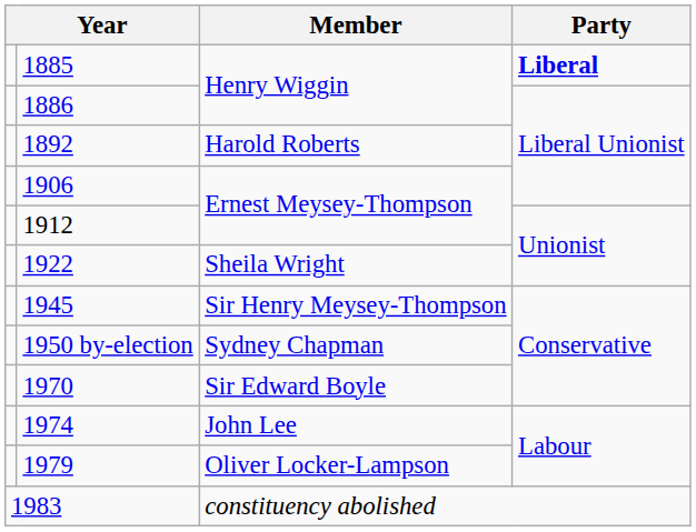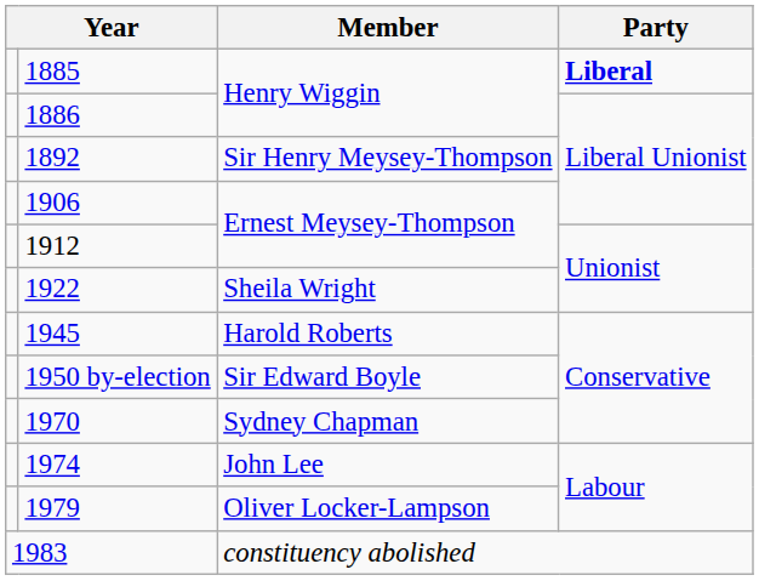 <table class="wikitable">
 <tr>
 <th colspan="2">Year</th>
 <th>Member</th>
 <th>Party</th>
 </tr>
 <tr>
 <td style="color:inherit;background-color: "></td>
 <td><a href='#'>1885</a></td>
 <td rowspan="2"><a href='#'>Henry Wiggin</a></td>
 <td><strong><a href='#'>Liberal</a></strong></td>
 </tr>
 <tr>
 <td style="color:inherit;background-color: "></td>
 <td><a href='#'>1886</a></td>
 <td rowspan="3"><a href='#'>Liberal Unionist</a></td>
 </tr>
 <tr>
 <td style="color:inherit;background-color: "></td>
 <td><a href='#'>1892</a></td>
-<td><a href='#'>Harold Roberts</a></td>
+<td><a href='#'>Sir Henry Meysey-Thompson</a></td>
 </tr>
 <tr>
 <td style="color:inherit;background-color: "></td>
 <td><a href='#'>1906</a></td>
 <td rowspan="2"><a href='#'>Ernest Meysey-Thompson</a></td>
 </tr>
 <tr>
 <td style="color:inherit;background-color: "></td>
 <td>1912</td>
 <td rowspan="2"><a href='#'>Unionist</a></td>
 </tr>
 <tr>
 <td style="color:inherit;background-color: "></td>
 <td><a href='#'>1922</a></td>
 <td><a href='#'>Sheila Wright</a></td>
 </tr>
 <tr>
 <td style="color:inherit;background-color: "></td>
 <td><a href='#'>1945</a></td>
-<td><a href='#'>Sir Henry Meysey-Thompson</a></td>
+<td><a href='#'>Harold Roberts</a></td>
 <td rowspan="3"><a href='#'>Conservative</a></td>
 </tr>
 <tr>
 <td style="color:inherit;background-color: "></td>
 <td><a href='#'>1950 by-election</a></td>
-<td><a href='#'>Sydney Chapman</a></td>
+<td><a href='#'>Sir Edward Boyle</a></td>
 </tr>
 <tr>
 <td style="color:inherit;background-color: "></td>
 <td><a href='#'>1970</a></td>
-<td><a href='#'>Sir Edward Boyle</a></td>
+<td><a href='#'>Sydney Chapman</a></td>
 </tr>
 <tr>
 <td style="color:inherit;background-color: "></td>
 <td><a href='#'>1974</a></td>
 <td><a href='#'>John Lee</a></td>
 <td rowspan="2"><a href='#'>Labour</a></td>
 </tr>
 <tr>
 <td style="color:inherit;background-color: "></td>
 <td><a href='#'>1979</a></td>
 <td><a href='#'>Oliver Locker-Lampson</a></td>
 </tr>
 <tr>
 <td colspan="2" align="left"><a href='#'>1983</a></td>
 <td colspan="2"><em>constituency abolished</em></td>
 </tr>
 </table>
